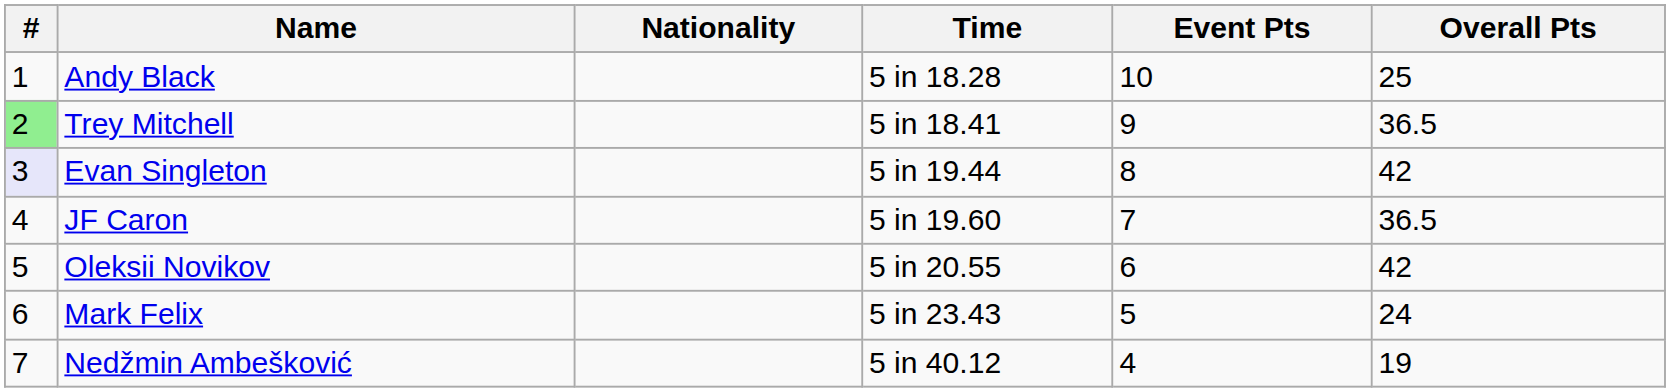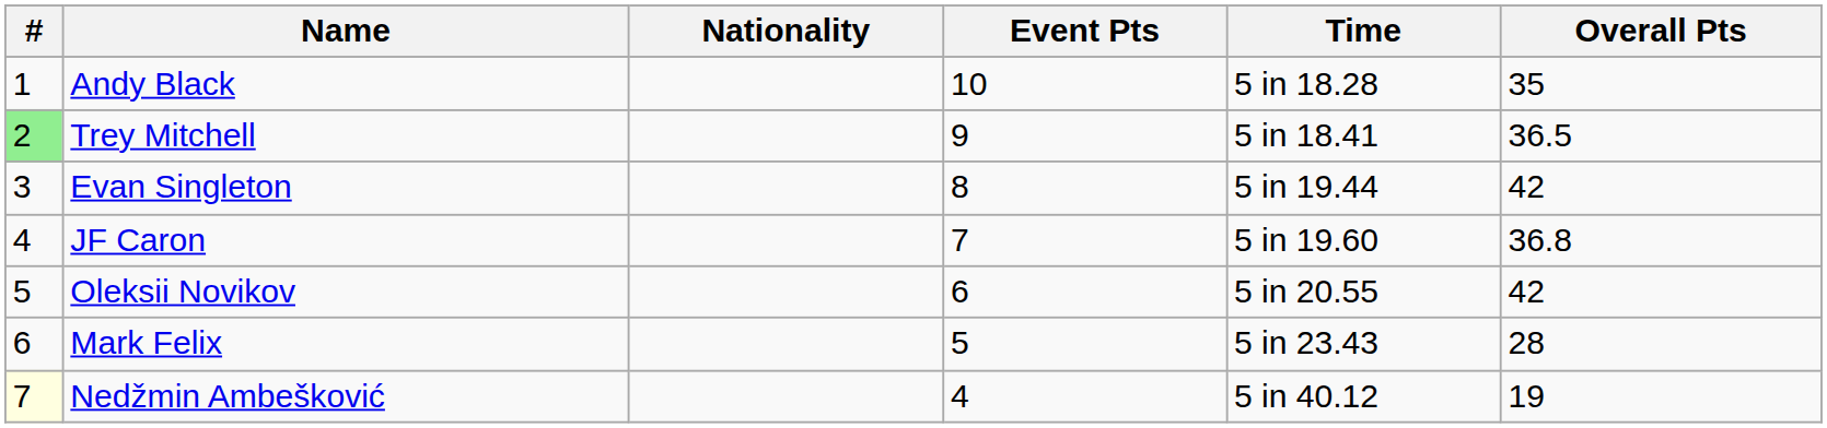 <table class="wikitable sortable" style="display: inline-table;width: 100%;">
 <tr>
 <th>#</th>
 <th>Name</th>
 <th>Nationality</th>
+<th>Event Pts</th>
 <th>Time</th>
-<th>Event Pts</th>
 <th>Overall Pts</th>
 </tr>
 <tr>
 <td>1</td>
 <td><a href='#'>Andy Black</a></td>
 <td></td>
+<td>10</td>
 <td>5 in 18.28</td>
-<td>10</td>
-<td>25</td>
+<td>35</td>
 </tr>
 <tr>
 <td style="background: lightgreen;">2</td>
 <td><a href='#'>Trey Mitchell</a></td>
 <td></td>
+<td>9</td>
 <td>5 in 18.41</td>
-<td>9</td>
 <td>36.5</td>
 </tr>
 <tr>
-<td style="background: lavender;">3</td>
+<td>3</td>
 <td><a href='#'>Evan Singleton</a></td>
 <td></td>
+<td>8</td>
 <td>5 in 19.44</td>
-<td>8</td>
 <td>42</td>
 </tr>
 <tr>
 <td>4</td>
 <td><a href='#'>JF Caron</a></td>
 <td></td>
+<td>7</td>
 <td>5 in 19.60</td>
-<td>7</td>
-<td>36.5</td>
+<td>36.8</td>
 </tr>
 <tr>
 <td>5</td>
 <td><a href='#'>Oleksii Novikov</a></td>
 <td></td>
+<td>6</td>
 <td>5 in 20.55</td>
-<td>6</td>
 <td>42</td>
 </tr>
 <tr>
 <td>6</td>
 <td><a href='#'>Mark Felix</a></td>
 <td></td>
+<td>5</td>
 <td>5 in 23.43</td>
-<td>5</td>
-<td>24</td>
+<td>28</td>
 </tr>
 <tr>
-<td>7</td>
+<td style="background: lightyellow;">7</td>
 <td><a href='#'>Nedžmin Ambešković</a></td>
 <td></td>
+<td>4</td>
 <td>5 in 40.12</td>
-<td>4</td>
 <td>19</td>
 </tr>
 </table>
